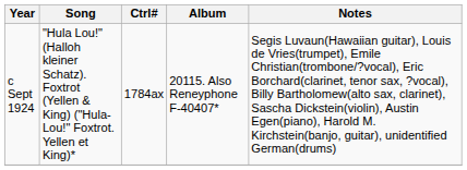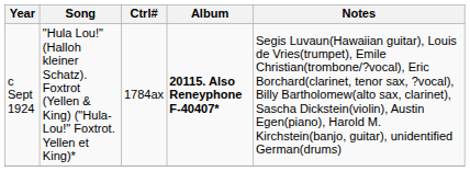 <table class="wikitable">
 <tr>
 <th>Year</th>
 <th>Song</th>
 <th>Ctrl#</th>
 <th>Album</th>
 <th>Notes</th>
 </tr>
 <tr>
 <td rowspan=1>c Sept 1924</td>
 <td>"Hula Lou!" (Halloh kleiner Schatz). Foxtrot (Yellen & King) ("Hula-Lou!" Foxtrot. Yellen et King)*</td>
 <td>1784ax</td>
-<td>20115. Also Reneyphone F-40407*</td>
+<td><strong>20115. Also Reneyphone F-40407*</strong></td>
 <td>Segis Luvaun(Hawaiian guitar), Louis de Vries(trumpet), Emile Christian(trombone/?vocal), Eric Borchard(clarinet, tenor sax, ?vocal), Billy Bartholomew(alto sax, clarinet), Sascha Dickstein(violin), Austin Egen(piano), Harold M. Kirchstein(banjo, guitar), unidentified German(drums)</td>
 </tr>
 <tr>
 </tr>
 </table>
